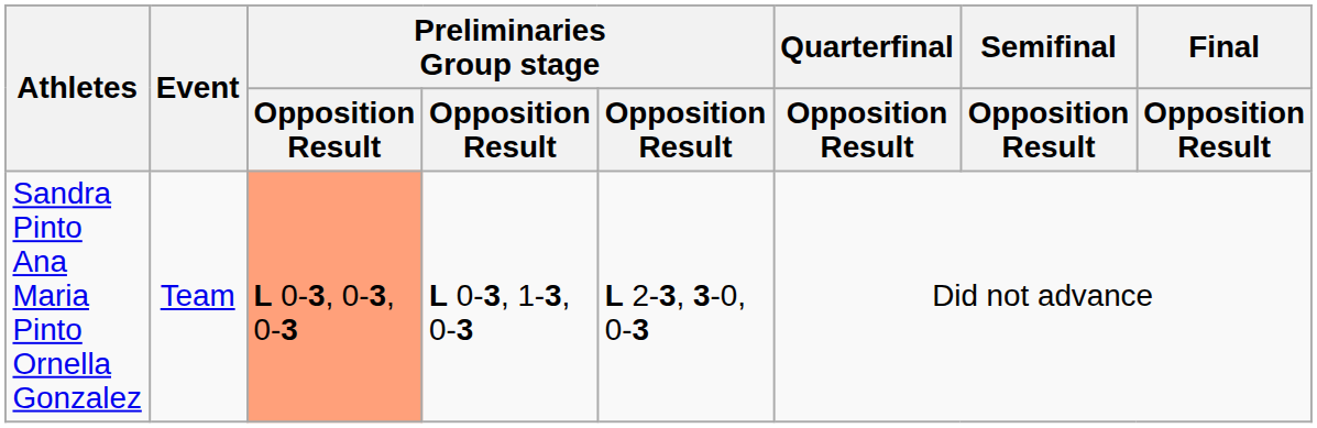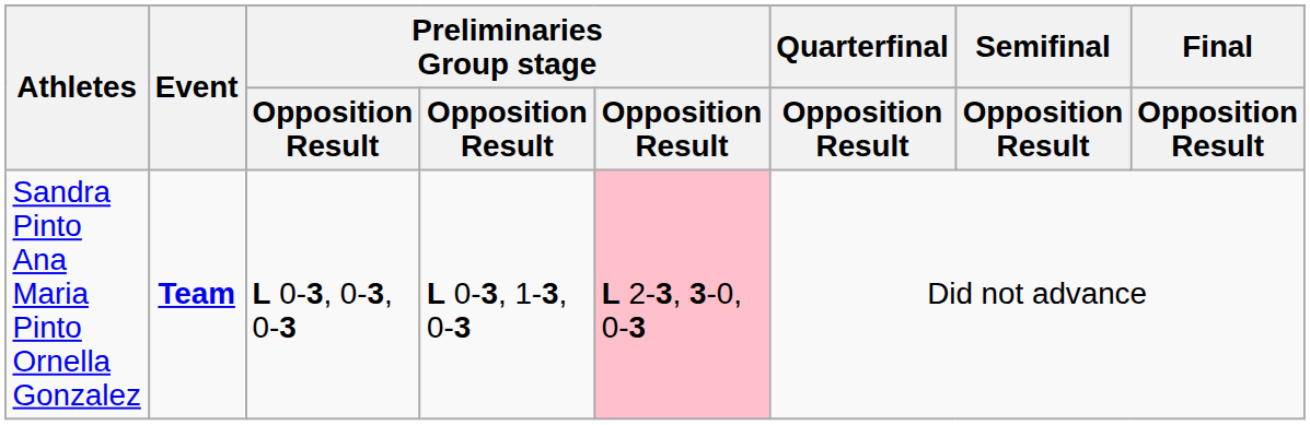 <table class="wikitable" border="1" style="font-size:90%">
 <tr>
 <th rowspan=2>Athletes</th>
 <th rowspan=2>Event</th>
 <th colspan=3>Preliminaries<br>Group stage</th>
 <th>Quarterfinal</th>
 <th>Semifinal</th>
 <th>Final</th>
 </tr>
 <tr>
 <th>Opposition<br>Result</th>
 <th>Opposition<br>Result</th>
 <th>Opposition<br>Result</th>
 <th>Opposition<br>Result</th>
 <th>Opposition<br>Result</th>
 <th>Opposition<br>Result</th>
 </tr>
 <tr>
 <td><a href='#'>Sandra Pinto</a><br><a href='#'>Ana Maria Pinto</a><br><a href='#'>Ornella Gonzalez</a></td>
-<td align=center><a href='#'>Team</a></td>
-<td style="background: lightsalmon;"><br><strong>L</strong> 0-<strong>3</strong>, 0-<strong>3</strong>, 0-<strong>3</strong></td>
+<td align=center><strong><a href='#'>Team</a></strong></td>
+<td><br><strong>L</strong> 0-<strong>3</strong>, 0-<strong>3</strong>, 0-<strong>3</strong></td>
 <td><br><strong>L</strong> 0-<strong>3</strong>, 1-<strong>3</strong>, 0-<strong>3</strong></td>
-<td><br><strong>L</strong> 2-<strong>3</strong>, <strong>3</strong>-0, 0-<strong>3</strong></td>
+<td style="background: pink;"><br><strong>L</strong> 2-<strong>3</strong>, <strong>3</strong>-0, 0-<strong>3</strong></td>
 <td align="center" colspan="7">Did not advance</td>
 </tr>
 </table>
